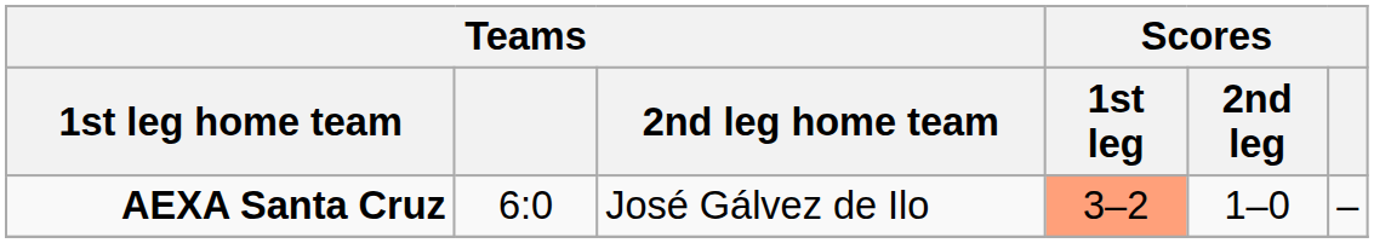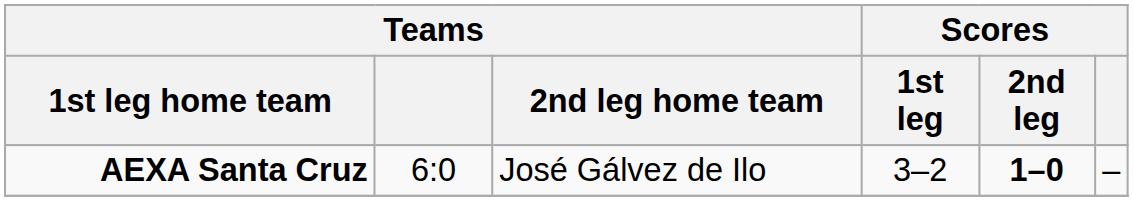 <table class="wikitable" style="text-align: center;">
 <tr>
 <th colspan=3>Teams</th>
 <th colspan=3>Scores</th>
 </tr>
 <tr>
 <th width="175">1st leg home team</th>
 <th width="50"></th>
 <th width="175">2nd leg home team</th>
 <th width="50">1st leg</th>
 <th width="50">2nd leg</th>
 <th></th>
 </tr>
 <tr>
 <td align=right><strong>AEXA Santa Cruz</strong></td>
 <td>6:0</td>
 <td align=left>José Gálvez de Ilo</td>
-<td style="background: lightsalmon;">3–2</td>
-<td>1–0</td>
+<td>3–2</td>
+<td><strong>1–0</strong></td>
 <td>–</td>
 </tr>
 <tr>
 </tr>
 </table>
